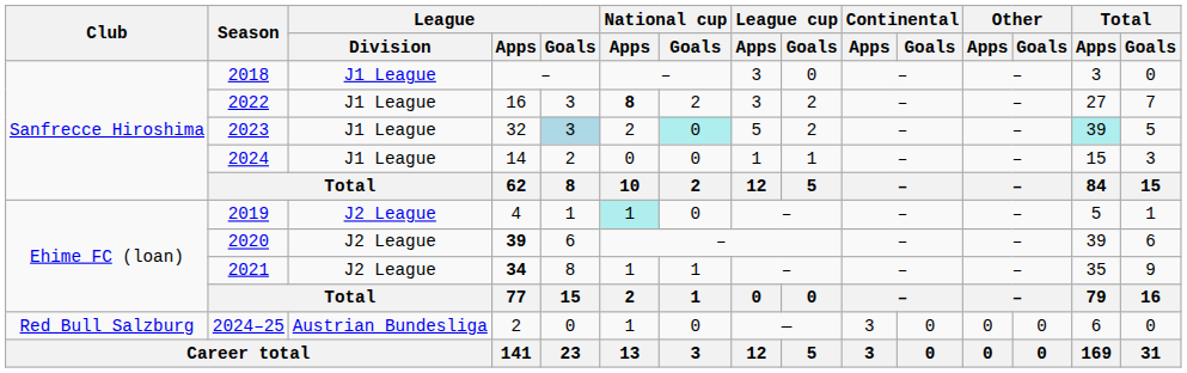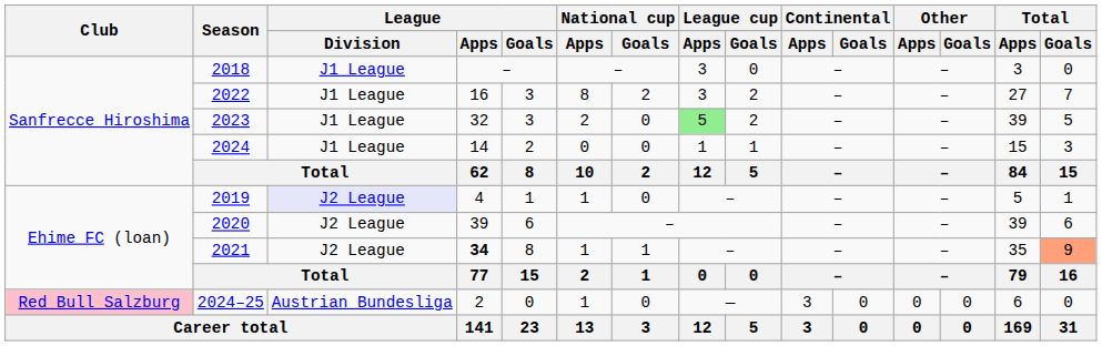 <table class="wikitable" style="text-align:center">
 <tr>
 <th rowspan="2">Club</th>
 <th rowspan="2">Season</th>
 <th colspan="3">League</th>
 <th colspan="2">National cup</th>
 <th colspan="2">League cup</th>
 <th colspan="2">Continental</th>
 <th colspan="2">Other</th>
 <th colspan="2">Total</th>
 </tr>
 <tr>
 <th>Division</th>
 <th>Apps</th>
 <th>Goals</th>
 <th>Apps</th>
 <th>Goals</th>
 <th>Apps</th>
 <th>Goals</th>
 <th>Apps</th>
 <th>Goals</th>
 <th>Apps</th>
 <th>Goals</th>
 <th>Apps</th>
 <th>Goals</th>
 </tr>
 <tr>
 <td rowspan="5"><a href='#'>Sanfrecce Hiroshima</a></td>
 <td><a href='#'>2018</a></td>
 <td><a href='#'>J1 League</a></td>
 <td colspan="2">–</td>
 <td colspan="2">–</td>
 <td>3</td>
 <td>0</td>
 <td colspan="2">–</td>
 <td colspan="2">–</td>
 <td>3</td>
 <td>0</td>
 </tr>
 <tr>
 <td><a href='#'>2022</a></td>
 <td>J1 League</td>
 <td>16</td>
 <td>3</td>
-<td><strong>8</strong></td>
+<td>8</td>
 <td>2</td>
 <td>3</td>
 <td>2</td>
 <td colspan="2">–</td>
 <td colspan="2">–</td>
 <td>27</td>
 <td>7</td>
 </tr>
 <tr>
 <td><a href='#'>2023</a></td>
 <td>J1 League</td>
 <td>32</td>
-<td style="background: lightblue;">3</td>
+<td>3</td>
 <td>2</td>
-<td style="background: paleturquoise;">0</td>
-<td>5</td>
+<td>0</td>
+<td style="background: lightgreen;">5</td>
 <td>2</td>
 <td colspan="2">–</td>
 <td colspan="2">–</td>
-<td style="background: paleturquoise;">39</td>
+<td>39</td>
 <td>5</td>
 </tr>
 <tr>
 <td><a href='#'>2024</a></td>
 <td>J1 League</td>
 <td>14</td>
 <td>2</td>
 <td>0</td>
 <td>0</td>
 <td>1</td>
 <td>1</td>
 <td colspan="2">–</td>
 <td colspan="2">–</td>
 <td>15</td>
 <td>3</td>
 </tr>
 <tr>
 <th colspan="2">Total</th>
 <th>62</th>
 <th>8</th>
 <th>10</th>
 <th>2</th>
 <th>12</th>
 <th>5</th>
 <th colspan="2">–</th>
 <th colspan="2">–</th>
 <th>84</th>
 <th>15</th>
 </tr>
 <tr>
 <td rowspan="4"><a href='#'>Ehime FC</a> (loan)</td>
 <td><a href='#'>2019</a></td>
-<td><a href='#'>J2 League</a></td>
+<td style="background: lavender;"><a href='#'>J2 League</a></td>
 <td>4</td>
 <td>1</td>
-<td style="background: paleturquoise;">1</td>
+<td>1</td>
 <td>0</td>
 <td colspan="2">–</td>
 <td colspan="2">–</td>
 <td colspan="2">–</td>
 <td>5</td>
 <td>1</td>
 </tr>
 <tr>
 <td><a href='#'>2020</a></td>
 <td>J2 League</td>
-<td><strong>39</strong></td>
+<td>39</td>
 <td>6</td>
 <td colspan="4">–</td>
 <td colspan="2">–</td>
 <td colspan="2">–</td>
 <td>39</td>
 <td>6</td>
 </tr>
 <tr>
 <td><a href='#'>2021</a></td>
 <td>J2 League</td>
 <td><strong>34</strong></td>
 <td>8</td>
 <td>1</td>
 <td>1</td>
 <td colspan="2">–</td>
 <td colspan="2">–</td>
 <td colspan="2">–</td>
 <td>35</td>
-<td>9</td>
+<td style="background: lightsalmon;">9</td>
 </tr>
 <tr>
 <th colspan="2">Total</th>
 <th>77</th>
 <th>15</th>
 <th>2</th>
 <th>1</th>
 <th>0</th>
 <th>0</th>
 <th colspan="2">–</th>
 <th colspan="2">–</th>
 <th>79</th>
 <th>16</th>
 </tr>
 <tr>
-<td><a href='#'>Red Bull Salzburg</a></td>
+<td style="background: pink;"><a href='#'>Red Bull Salzburg</a></td>
 <td><a href='#'>2024–25</a></td>
 <td><a href='#'>Austrian Bundesliga</a></td>
 <td>2</td>
 <td>0</td>
 <td>1</td>
 <td>0</td>
 <td colspan="2">—</td>
 <td>3</td>
 <td>0</td>
 <td>0</td>
 <td>0</td>
 <td>6</td>
 <td>0</td>
 </tr>
 <tr>
 <th colspan=3>Career total</th>
 <th>141</th>
 <th>23</th>
 <th>13</th>
 <th>3</th>
 <th>12</th>
 <th>5</th>
 <th>3</th>
 <th>0</th>
 <th>0</th>
 <th>0</th>
 <th>169</th>
 <th>31</th>
 </tr>
 </table>
